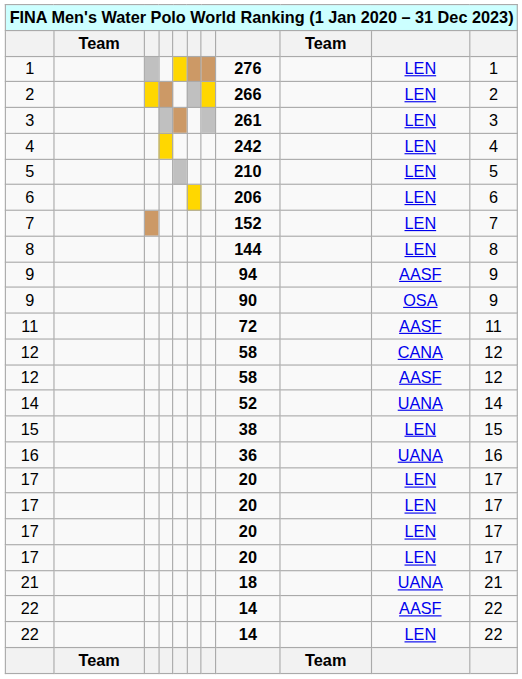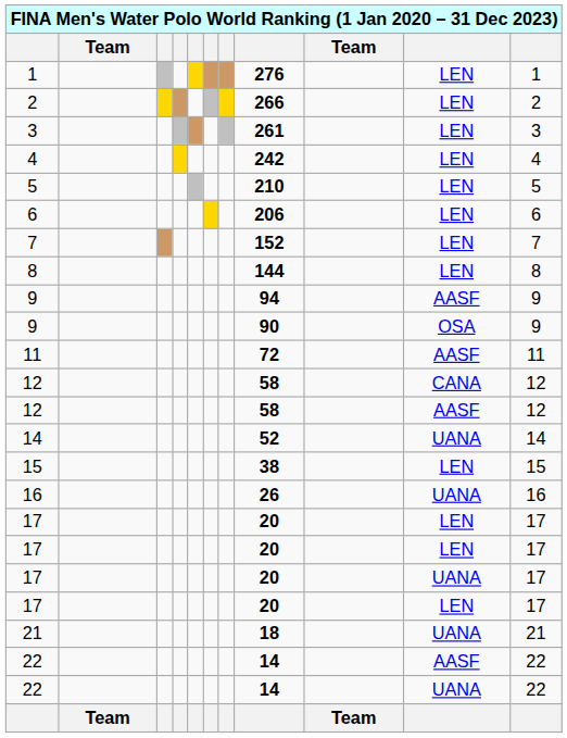 <table class="wikitable" style="text-align: center; font-size: 90%; margin-left: 1em;">
 <tr>
 <th colspan="29" style="background-color: #ccffff;">FINA Men's Water Polo World Ranking (1 Jan 2020 – 31 Dec 2023)</th>
 </tr>
 <tr>
 <th></th>
 <th>Team</th>
 <th><a href='#'></a></th>
 <th><a href='#'></a></th>
 <th><a href='#'></a></th>
 <th><a href='#'></a></th>
 <th><a href='#'></a></th>
 <th></th>
 <th>Team</th>
 <th></th>
 <th></th>
 </tr>
 <tr>
 <td>1</td>
 <td style="text-align: left;"></td>
 <td style="background-color: silver;"></td>
 <td></td>
 <td style="background-color: gold;"></td>
 <td style="background-color: #cc9966;"></td>
 <td style="background-color: #cc9966;"></td>
 <td><strong>276</strong></td>
 <td style="text-align: left;"></td>
 <td><a href='#'>LEN</a></td>
 <td>1</td>
 </tr>
 <tr>
 <td>2</td>
 <td style="text-align: left;"></td>
 <td style="background-color: gold;"></td>
 <td style="background-color: #cc9966;"></td>
 <td></td>
 <td style="background-color: silver;"></td>
 <td style="background-color: gold;"></td>
 <td><strong>266</strong></td>
 <td style="text-align: left;"></td>
 <td><a href='#'>LEN</a></td>
 <td>2</td>
 </tr>
 <tr>
 <td>3</td>
 <td style="text-align: left;"></td>
 <td></td>
 <td style="background-color: silver;"></td>
 <td style="background-color: #cc9966;"></td>
 <td></td>
 <td style="background-color: silver;"></td>
 <td><strong>261</strong></td>
 <td style="text-align: left;"></td>
 <td><a href='#'>LEN</a></td>
 <td>3</td>
 </tr>
 <tr>
 <td>4</td>
 <td style="text-align: left;"></td>
 <td></td>
 <td style="background-color: gold;"></td>
 <td></td>
 <td></td>
 <td></td>
 <td><strong>242</strong></td>
 <td style="text-align: left;"></td>
 <td><a href='#'>LEN</a></td>
 <td>4</td>
 </tr>
 <tr>
 <td>5</td>
 <td style="text-align: left;"></td>
 <td></td>
 <td></td>
 <td style="background-color: silver;"></td>
 <td></td>
 <td></td>
 <td><strong>210</strong></td>
 <td style="text-align: left;"></td>
 <td><a href='#'>LEN</a></td>
 <td>5</td>
 </tr>
 <tr>
 <td>6</td>
 <td style="text-align: left;"></td>
 <td></td>
 <td></td>
 <td></td>
 <td style="background-color: gold;"></td>
 <td></td>
 <td><strong>206</strong></td>
 <td style="text-align: left;"></td>
 <td><a href='#'>LEN</a></td>
 <td>6</td>
 </tr>
 <tr>
 <td>7</td>
 <td style="text-align: left;"></td>
 <td style="background-color: #cc9966;"></td>
 <td></td>
 <td></td>
 <td></td>
 <td></td>
 <td><strong>152</strong></td>
 <td style="text-align: left;"></td>
 <td><a href='#'>LEN</a></td>
 <td>7</td>
 </tr>
 <tr>
 <td>8</td>
 <td style="text-align: left;"></td>
 <td></td>
 <td></td>
 <td></td>
 <td></td>
 <td></td>
 <td><strong>144</strong></td>
 <td style="text-align: left;"></td>
 <td><a href='#'>LEN</a></td>
 <td>8</td>
 </tr>
 <tr>
 <td>9</td>
 <td style="text-align: left;"></td>
 <td></td>
 <td></td>
 <td></td>
 <td></td>
 <td></td>
 <td><strong>94</strong></td>
 <td style="text-align: left;"></td>
 <td><a href='#'>AASF</a></td>
 <td>9</td>
 </tr>
 <tr>
 <td>9</td>
 <td style="text-align: left;"></td>
 <td></td>
 <td></td>
 <td></td>
 <td></td>
 <td></td>
 <td><strong>90</strong></td>
 <td style="text-align: left;"></td>
 <td><a href='#'>OSA</a></td>
 <td>9</td>
 </tr>
 <tr>
 <td>11</td>
 <td style="text-align: left;"></td>
 <td></td>
 <td></td>
 <td></td>
 <td></td>
 <td></td>
 <td><strong>72</strong></td>
 <td style="text-align: left;"></td>
 <td><a href='#'>AASF</a></td>
 <td>11</td>
 </tr>
 <tr>
 <td>12</td>
 <td style="text-align: left;"></td>
 <td></td>
 <td></td>
 <td></td>
 <td></td>
 <td></td>
 <td><strong>58</strong></td>
 <td style="text-align: left;"></td>
 <td><a href='#'>CANA</a></td>
 <td>12</td>
 </tr>
 <tr>
 <td>12</td>
 <td style="text-align: left;"></td>
 <td></td>
 <td></td>
 <td></td>
 <td></td>
 <td></td>
 <td><strong>58</strong></td>
 <td style="text-align: left;"></td>
 <td><a href='#'>AASF</a></td>
 <td>12</td>
 </tr>
 <tr>
 <td>14</td>
 <td style="text-align: left;"></td>
 <td></td>
 <td></td>
 <td></td>
 <td></td>
 <td></td>
 <td><strong>52</strong></td>
 <td style="text-align: left;"></td>
 <td><a href='#'>UANA</a></td>
 <td>14</td>
 </tr>
 <tr>
 <td>15</td>
 <td style="text-align: left;"></td>
 <td></td>
 <td></td>
 <td></td>
 <td></td>
 <td></td>
 <td><strong>38</strong></td>
 <td style="text-align: left;"></td>
 <td><a href='#'>LEN</a></td>
 <td>15</td>
 </tr>
 <tr>
 <td>16</td>
 <td style="text-align: left;"></td>
 <td></td>
 <td></td>
 <td></td>
 <td></td>
 <td></td>
-<td><strong>36</strong></td>
+<td><strong>26</strong></td>
 <td style="text-align: left;"></td>
 <td><a href='#'>UANA</a></td>
 <td>16</td>
 </tr>
 <tr>
 <td>17</td>
 <td style="text-align: left;"></td>
 <td></td>
 <td></td>
 <td></td>
 <td></td>
 <td></td>
 <td><strong>20</strong></td>
 <td style="text-align: left;"></td>
 <td><a href='#'>LEN</a></td>
 <td>17</td>
 </tr>
 <tr>
 <td>17</td>
 <td style="text-align: left;"></td>
 <td></td>
 <td></td>
 <td></td>
 <td></td>
 <td></td>
 <td><strong>20</strong></td>
 <td style="text-align: left;"></td>
 <td><a href='#'>LEN</a></td>
 <td>17</td>
 </tr>
 <tr>
 <td>17</td>
 <td style="text-align: left;"></td>
 <td></td>
 <td></td>
 <td></td>
 <td></td>
 <td></td>
 <td><strong>20</strong></td>
 <td style="text-align: left;"></td>
-<td><a href='#'>LEN</a></td>
+<td><a href='#'>UANA</a></td>
 <td>17</td>
 </tr>
 <tr>
 <td>17</td>
 <td style="text-align: left;"></td>
 <td></td>
 <td></td>
 <td></td>
 <td></td>
 <td></td>
 <td><strong>20</strong></td>
 <td style="text-align: left;"></td>
 <td><a href='#'>LEN</a></td>
 <td>17</td>
 </tr>
 <tr>
 <td>21</td>
 <td style="text-align: left;"></td>
 <td></td>
 <td></td>
 <td></td>
 <td></td>
 <td></td>
 <td><strong>18</strong></td>
 <td style="text-align: left;"></td>
 <td><a href='#'>UANA</a></td>
 <td>21</td>
 </tr>
 <tr>
 <td>22</td>
 <td style="text-align: left;"></td>
 <td></td>
 <td></td>
 <td></td>
 <td></td>
 <td></td>
 <td><strong>14</strong></td>
 <td style="text-align: left;"></td>
 <td><a href='#'>AASF</a></td>
 <td>22</td>
 </tr>
 <tr>
 <td>22</td>
 <td style="text-align: left;"></td>
 <td></td>
 <td></td>
 <td></td>
 <td></td>
 <td></td>
 <td><strong>14</strong></td>
 <td style="text-align: left;"></td>
-<td><a href='#'>LEN</a></td>
+<td><a href='#'>UANA</a></td>
 <td>22</td>
 </tr>
 <tr>
 <th></th>
 <th>Team</th>
 <th><a href='#'></a></th>
 <th><a href='#'></a></th>
 <th><a href='#'></a></th>
 <th><a href='#'></a></th>
 <th><a href='#'></a></th>
 <th></th>
 <th>Team</th>
 <th></th>
 <th></th>
 </tr>
 </table>
